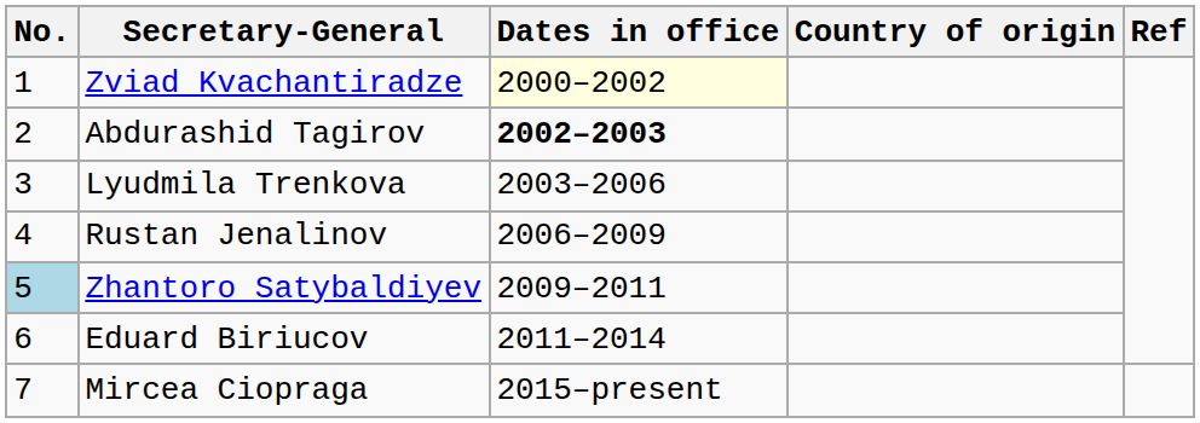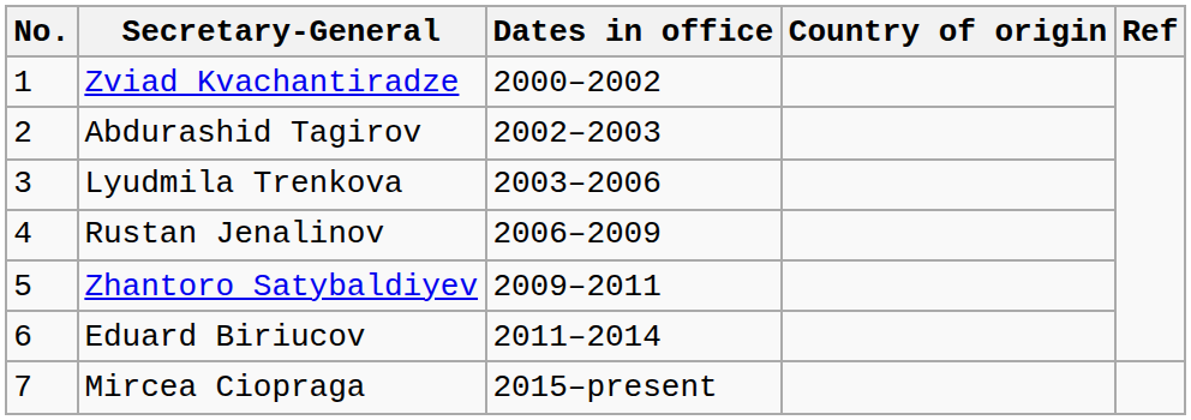 <table class="wikitable sortable">
 <tr>
 <th>No.</th>
 <th>Secretary-General</th>
 <th>Dates in office</th>
 <th>Country of origin</th>
 <th>Ref</th>
 </tr>
 <tr>
 <td>1</td>
 <td><a href='#'>Zviad Kvachantiradze</a></td>
-<td style="background: lightyellow;">2000–2002</td>
+<td>2000–2002</td>
 <td></td>
 <td rowspan=6></td>
 </tr>
 <tr>
 <td>2</td>
 <td>Abdurashid Tagirov</td>
-<td><strong>2002–2003</strong></td>
+<td>2002–2003</td>
 <td></td>
 </tr>
 <tr>
 <td>3</td>
 <td>Lyudmila Trenkova</td>
 <td>2003–2006</td>
 <td></td>
 </tr>
 <tr>
 <td>4</td>
 <td>Rustan Jenalinov</td>
 <td>2006–2009</td>
 <td></td>
 </tr>
 <tr>
-<td style="background: lightblue;">5</td>
+<td>5</td>
 <td><a href='#'>Zhantoro Satybaldiyev</a></td>
 <td>2009–2011</td>
 <td></td>
 </tr>
 <tr>
 <td>6</td>
 <td>Eduard Biriucov</td>
 <td>2011–2014</td>
 <td></td>
 </tr>
 <tr>
 <td>7</td>
 <td>Mircea Ciopraga</td>
 <td>2015–present</td>
 <td></td>
 <td></td>
 </tr>
 </table>
